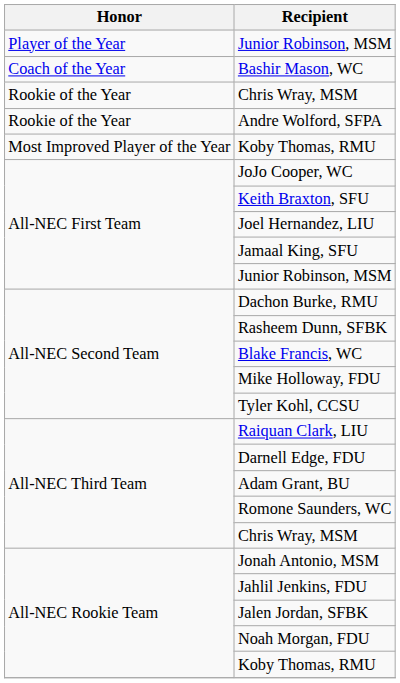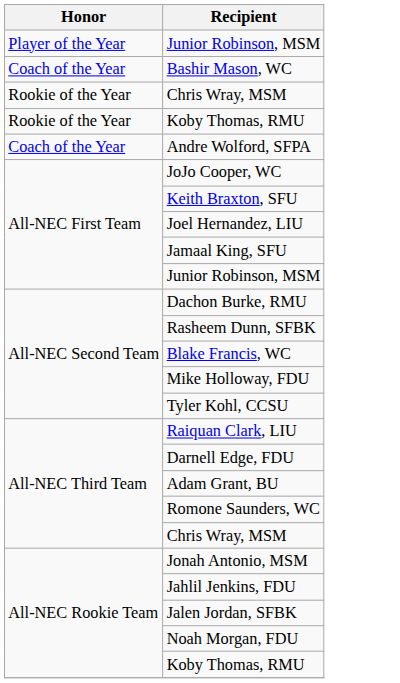 <table class="wikitable" border="1">
 <tr>
 <th>Honor</th>
 <th>Recipient</th>
 </tr>
 <tr>
 <td><a href='#'>Player of the Year</a></td>
 <td><a href='#'>Junior Robinson</a>, MSM</td>
 </tr>
 <tr>
 <td><a href='#'>Coach of the Year</a></td>
 <td><a href='#'>Bashir Mason</a>, WC</td>
 </tr>
 <tr>
 <td>Rookie of the Year</td>
 <td>Chris Wray, MSM</td>
 </tr>
 <tr>
 <td>Rookie of the Year</td>
-<td>Andre Wolford, SFPA</td>
+<td>Koby Thomas, RMU</td>
 </tr>
 <tr>
-<td>Most Improved Player of the Year</td>
-<td>Koby Thomas, RMU</td>
+<td><a href='#'>Coach of the Year</a></td>
+<td>Andre Wolford, SFPA</td>
 </tr>
 <tr>
 <td rowspan="5" valign="middle">All-NEC First Team</td>
 <td>JoJo Cooper, WC</td>
 </tr>
 <tr>
 <td><a href='#'>Keith Braxton</a>, SFU</td>
 </tr>
 <tr>
 <td>Joel Hernandez, LIU</td>
 </tr>
 <tr>
 <td>Jamaal King, SFU</td>
 </tr>
 <tr>
 <td>Junior Robinson, MSM</td>
 </tr>
 <tr>
 <td rowspan="5" valign="middle">All-NEC Second Team</td>
 <td>Dachon Burke, RMU</td>
 </tr>
 <tr>
 <td>Rasheem Dunn, SFBK</td>
 </tr>
 <tr>
 <td><a href='#'>Blake Francis</a>, WC</td>
 </tr>
 <tr>
 <td>Mike Holloway, FDU</td>
 </tr>
 <tr>
 <td>Tyler Kohl, CCSU</td>
 </tr>
 <tr>
 <td rowspan="5" valign="middle">All-NEC Third Team</td>
 <td><a href='#'>Raiquan Clark</a>, LIU</td>
 </tr>
 <tr>
 <td>Darnell Edge, FDU</td>
 </tr>
 <tr>
 <td>Adam Grant, BU</td>
 </tr>
 <tr>
 <td>Romone Saunders, WC</td>
 </tr>
 <tr>
 <td>Chris Wray, MSM</td>
 </tr>
 <tr>
 <td rowspan="5" valign="middle">All-NEC Rookie Team</td>
 <td>Jonah Antonio, MSM</td>
 </tr>
 <tr>
 <td>Jahlil Jenkins, FDU</td>
 </tr>
 <tr>
 <td>Jalen Jordan, SFBK</td>
 </tr>
 <tr>
 <td>Noah Morgan, FDU</td>
 </tr>
 <tr>
 <td>Koby Thomas, RMU</td>
 </tr>
 <tr>
 </tr>
 </table>
